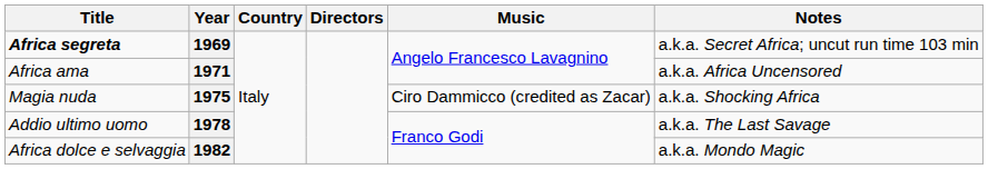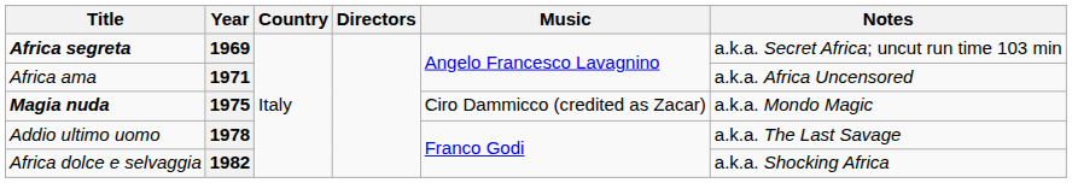 <table class="wikitable sortable plainrowheaders">
 <tr>
 <th scope="col">Title</th>
 <th scope="col">Year</th>
 <th scope="col">Country</th>
 <th scope="col">Directors</th>
 <th scope="col">Music</th>
 <th scope="col">Notes</th>
 </tr>
 <tr>
 <td><strong><em>Africa segreta</em></strong></td>
 <th scope="row">1969</th>
 <td rowspan="5">Italy</td>
 <td rowspan="5"></td>
 <td rowspan="2"><a href='#'>Angelo Francesco Lavagnino</a></td>
 <td>a.k.a. <em>Secret Africa</em>; uncut run time 103 min</td>
 </tr>
 <tr>
 <td><em>Africa ama</em></td>
 <th scope="row">1971</th>
 <td>a.k.a. <em>Africa Uncensored</em></td>
 </tr>
 <tr>
-<td><em>Magia nuda</em></td>
+<td><strong><em>Magia nuda</em></strong></td>
 <th scope="row">1975</th>
 <td>Ciro Dammicco (credited as Zacar)</td>
-<td>a.k.a. <em>Shocking Africa</em></td>
+<td>a.k.a. <em>Mondo Magic</em></td>
 </tr>
 <tr>
 <td><em>Addio ultimo uomo</em></td>
 <th scope="row">1978</th>
 <td rowspan="2"><a href='#'>Franco Godi</a></td>
 <td>a.k.a. <em>The Last Savage</em></td>
 </tr>
 <tr>
 <td><em>Africa dolce e selvaggia</em></td>
 <th scope="row">1982</th>
-<td>a.k.a. <em>Mondo Magic</em></td>
+<td>a.k.a. <em>Shocking Africa</em></td>
 </tr>
 </table>
